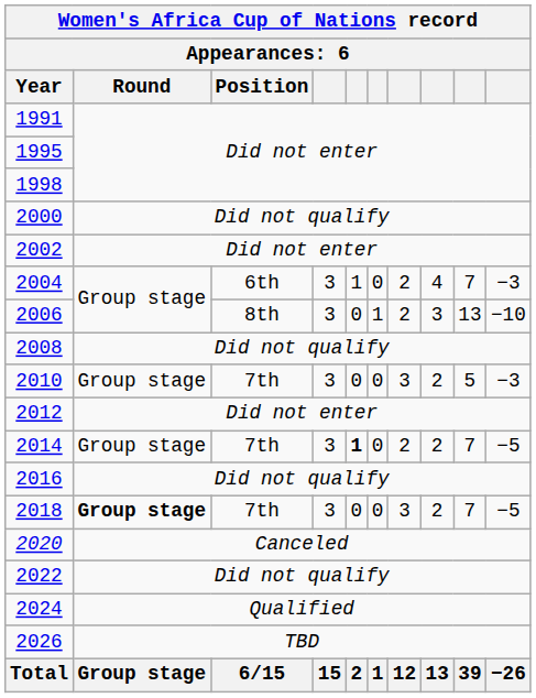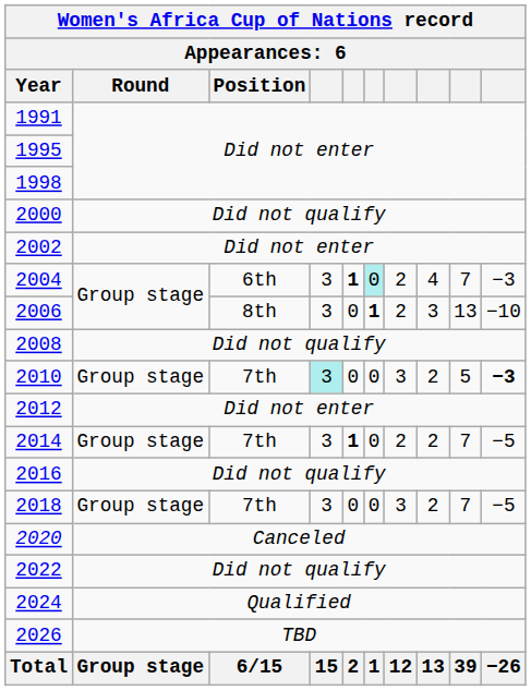 <table class="wikitable" style="text-align: center;font-size:90%;">
 <tr>
 <th colspan=10><a href='#'>Women's Africa Cup of Nations</a> record</th>
 </tr>
 <tr>
 <th colspan=10>Appearances: 6</th>
 </tr>
 <tr>
 <th>Year</th>
 <th>Round</th>
 <th>Position</th>
 <th></th>
 <th></th>
 <th></th>
 <th></th>
 <th></th>
 <th></th>
 <th></th>
 </tr>
 <tr>
 <td><a href='#'>1991</a></td>
 <td rowspan=3 colspan=9><em>Did not enter</em></td>
 </tr>
 <tr>
 <td><a href='#'>1995</a></td>
 </tr>
 <tr>
 <td> <a href='#'>1998</a></td>
 </tr>
 <tr>
 <td> <a href='#'>2000</a></td>
 <td colspan=9><em>Did not qualify</em></td>
 </tr>
 <tr>
 <td> <a href='#'>2002</a></td>
 <td colspan=9><em>Did not enter</em></td>
 </tr>
 <tr>
 <td> <a href='#'>2004</a></td>
 <td rowspan=2>Group stage</td>
 <td>6th</td>
 <td>3</td>
-<td>1</td>
-<td>0</td>
+<td><strong>1</strong></td>
+<td style="background: paleturquoise;">0</td>
 <td>2</td>
 <td>4</td>
 <td>7</td>
 <td>−3</td>
 </tr>
 <tr>
 <td> <a href='#'>2006</a></td>
 <td>8th</td>
 <td>3</td>
 <td>0</td>
-<td>1</td>
+<td><strong>1</strong></td>
 <td>2</td>
 <td>3</td>
 <td>13</td>
 <td>−10</td>
 </tr>
 <tr>
 <td> <a href='#'>2008</a></td>
 <td colspan=9><em>Did not qualify</em></td>
 </tr>
 <tr>
 <td> <a href='#'>2010</a></td>
 <td>Group stage</td>
 <td>7th</td>
-<td>3</td>
+<td style="background: paleturquoise;">3</td>
 <td>0</td>
 <td>0</td>
 <td>3</td>
 <td>2</td>
 <td>5</td>
-<td>−3</td>
+<td><strong>−3</strong></td>
 </tr>
 <tr>
 <td> <a href='#'>2012</a></td>
 <td colspan=9><em>Did not enter</em></td>
 </tr>
 <tr>
 <td> <a href='#'>2014</a></td>
 <td>Group stage</td>
 <td>7th</td>
 <td>3</td>
 <td><strong>1</strong></td>
 <td>0</td>
 <td>2</td>
 <td>2</td>
 <td>7</td>
 <td>−5</td>
 </tr>
 <tr>
 <td> <a href='#'>2016</a></td>
 <td colspan=9><em>Did not qualify</em></td>
 </tr>
 <tr>
 <td> <a href='#'>2018</a></td>
-<td><strong>Group stage</strong></td>
+<td>Group stage</td>
 <td>7th</td>
 <td>3</td>
 <td>0</td>
 <td>0</td>
 <td>3</td>
 <td>2</td>
 <td>7</td>
 <td>−5</td>
 </tr>
 <tr>
 <td> <em><a href='#'>2020</a></em></td>
 <td colspan=9><em>Canceled</em></td>
 </tr>
 <tr>
 <td> <a href='#'>2022</a></td>
 <td colspan=9><em>Did not qualify</em></td>
 </tr>
 <tr>
 <td> <a href='#'>2024</a></td>
 <td colspan=9><em>Qualified</em></td>
 </tr>
 <tr>
 <td> <a href='#'>2026</a></td>
 <td colspan=9><em>TBD</em></td>
 </tr>
 <tr>
 <th>Total</th>
 <th>Group stage</th>
 <th>6/15</th>
 <th>15</th>
 <th>2</th>
 <th>1</th>
 <th>12</th>
 <th>13</th>
 <th>39</th>
 <th>−26</th>
 </tr>
 </table>
